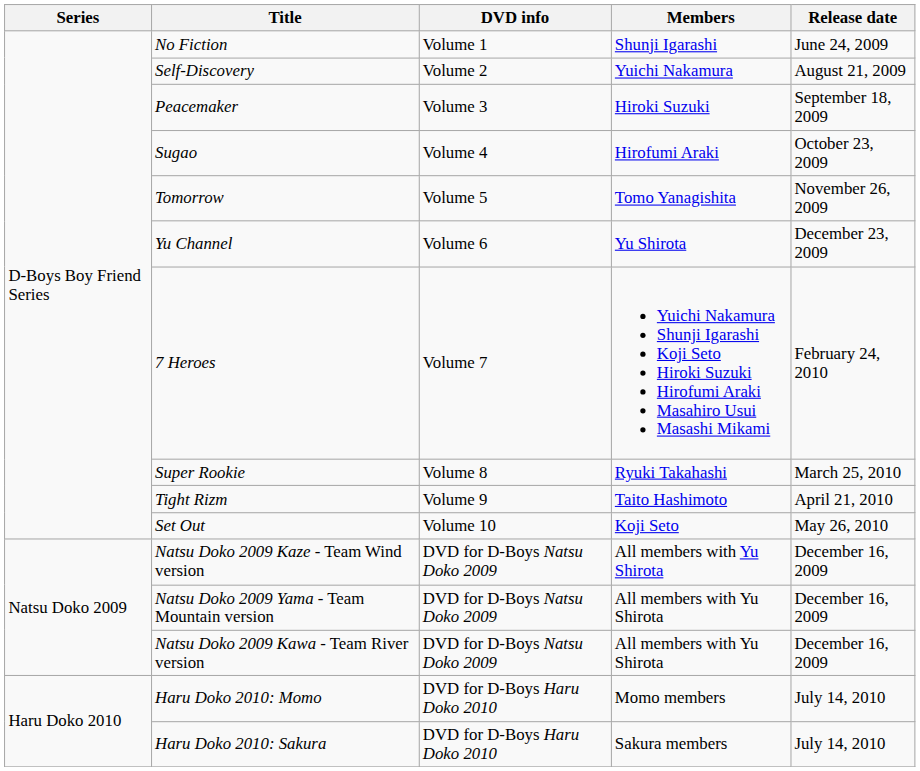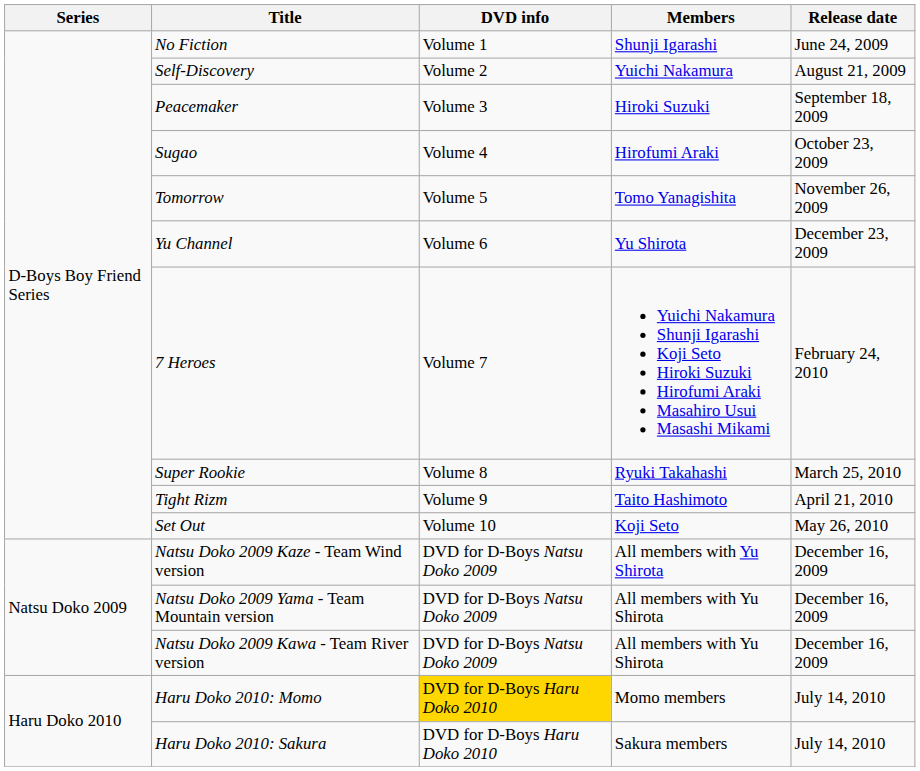 <table class="wikitable">
 <tr>
 <th>Series</th>
 <th>Title</th>
 <th>DVD info</th>
 <th>Members</th>
 <th>Release date</th>
 </tr>
 <tr>
 <td rowspan="10">D-Boys Boy Friend Series</td>
 <td><em>No Fiction</em></td>
 <td>Volume 1</td>
 <td><a href='#'>Shunji Igarashi</a></td>
 <td>June 24, 2009</td>
 </tr>
 <tr>
 <td><em>Self-Discovery</em></td>
 <td>Volume 2</td>
 <td><a href='#'>Yuichi Nakamura</a></td>
 <td>August 21, 2009</td>
 </tr>
 <tr>
 <td><em>Peacemaker</em></td>
 <td>Volume 3</td>
 <td><a href='#'>Hiroki Suzuki</a></td>
 <td>September 18, 2009</td>
 </tr>
 <tr>
 <td><em>Sugao</em></td>
 <td>Volume 4</td>
 <td><a href='#'>Hirofumi Araki</a></td>
 <td>October 23, 2009</td>
 </tr>
 <tr>
 <td><em>Tomorrow</em></td>
 <td>Volume 5</td>
 <td><a href='#'>Tomo Yanagishita</a></td>
 <td>November 26, 2009</td>
 </tr>
 <tr>
 <td><em>Yu Channel</em></td>
 <td>Volume 6</td>
 <td><a href='#'>Yu Shirota</a></td>
 <td>December 23, 2009</td>
 </tr>
 <tr>
 <td><em>7 Heroes</em></td>
 <td>Volume 7</td>
 <td><br><ul><li><a href='#'>Yuichi Nakamura</a></li><li><a href='#'>Shunji Igarashi</a></li><li><a href='#'>Koji Seto</a></li><li><a href='#'>Hiroki Suzuki</a></li><li><a href='#'>Hirofumi Araki</a></li><li><a href='#'>Masahiro Usui</a></li><li><a href='#'>Masashi Mikami</a></li></ul></td>
 <td>February 24, 2010</td>
 </tr>
 <tr>
 <td><em>Super Rookie</em></td>
 <td>Volume 8</td>
 <td><a href='#'>Ryuki Takahashi</a></td>
 <td>March 25, 2010</td>
 </tr>
 <tr>
 <td><em>Tight Rizm</em></td>
 <td>Volume 9</td>
 <td><a href='#'>Taito Hashimoto</a></td>
 <td>April 21, 2010</td>
 </tr>
 <tr>
 <td><em>Set Out</em></td>
 <td>Volume 10</td>
 <td><a href='#'>Koji Seto</a></td>
 <td>May 26, 2010</td>
 </tr>
 <tr>
 <td rowspan="3">Natsu Doko 2009</td>
 <td><em>Natsu Doko 2009 Kaze</em> - Team Wind version</td>
 <td>DVD for D-Boys <em>Natsu Doko 2009</em></td>
 <td>All members with <a href='#'>Yu Shirota</a></td>
 <td>December 16, 2009</td>
 </tr>
 <tr>
 <td><em>Natsu Doko 2009 Yama</em> - Team Mountain version</td>
 <td>DVD for D-Boys <em>Natsu Doko 2009</em></td>
 <td>All members with Yu Shirota</td>
 <td>December 16, 2009</td>
 </tr>
 <tr>
 <td><em>Natsu Doko 2009 Kawa</em> - Team River version</td>
 <td>DVD for D-Boys <em>Natsu Doko 2009</em></td>
 <td>All members with Yu Shirota</td>
 <td>December 16, 2009</td>
 </tr>
 <tr>
 <td rowspan="2">Haru Doko 2010</td>
 <td><em>Haru Doko 2010: Momo</em></td>
-<td>DVD for D-Boys <em>Haru Doko 2010</em></td>
+<td style="background: gold;">DVD for D-Boys <em>Haru Doko 2010</em></td>
 <td>Momo members</td>
 <td>July 14, 2010</td>
 </tr>
 <tr>
 <td><em>Haru Doko 2010: Sakura</em></td>
 <td>DVD for D-Boys <em>Haru Doko 2010</em></td>
 <td>Sakura members</td>
 <td>July 14, 2010</td>
 </tr>
 </table>
